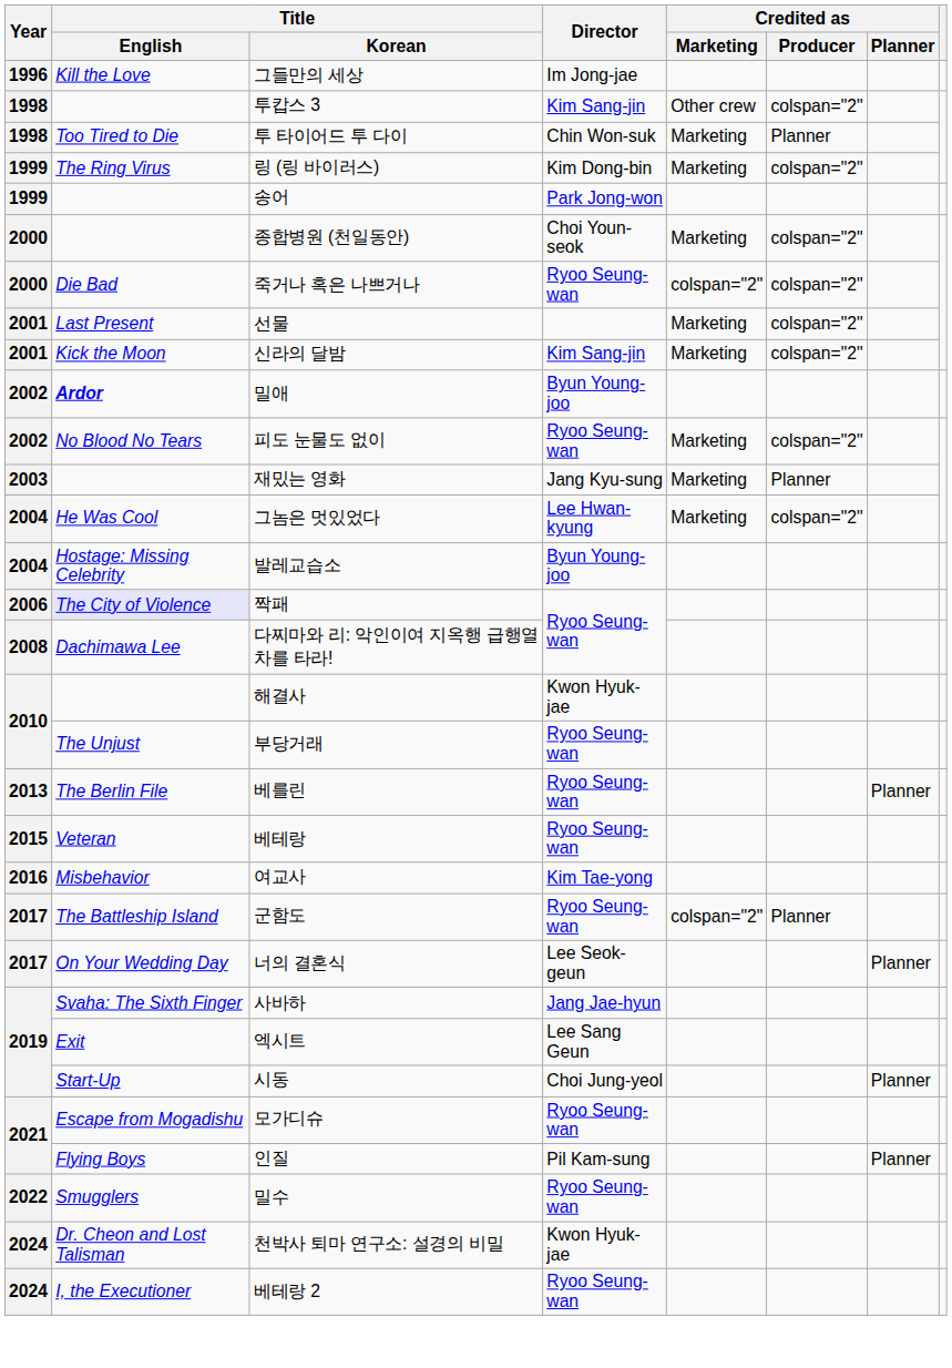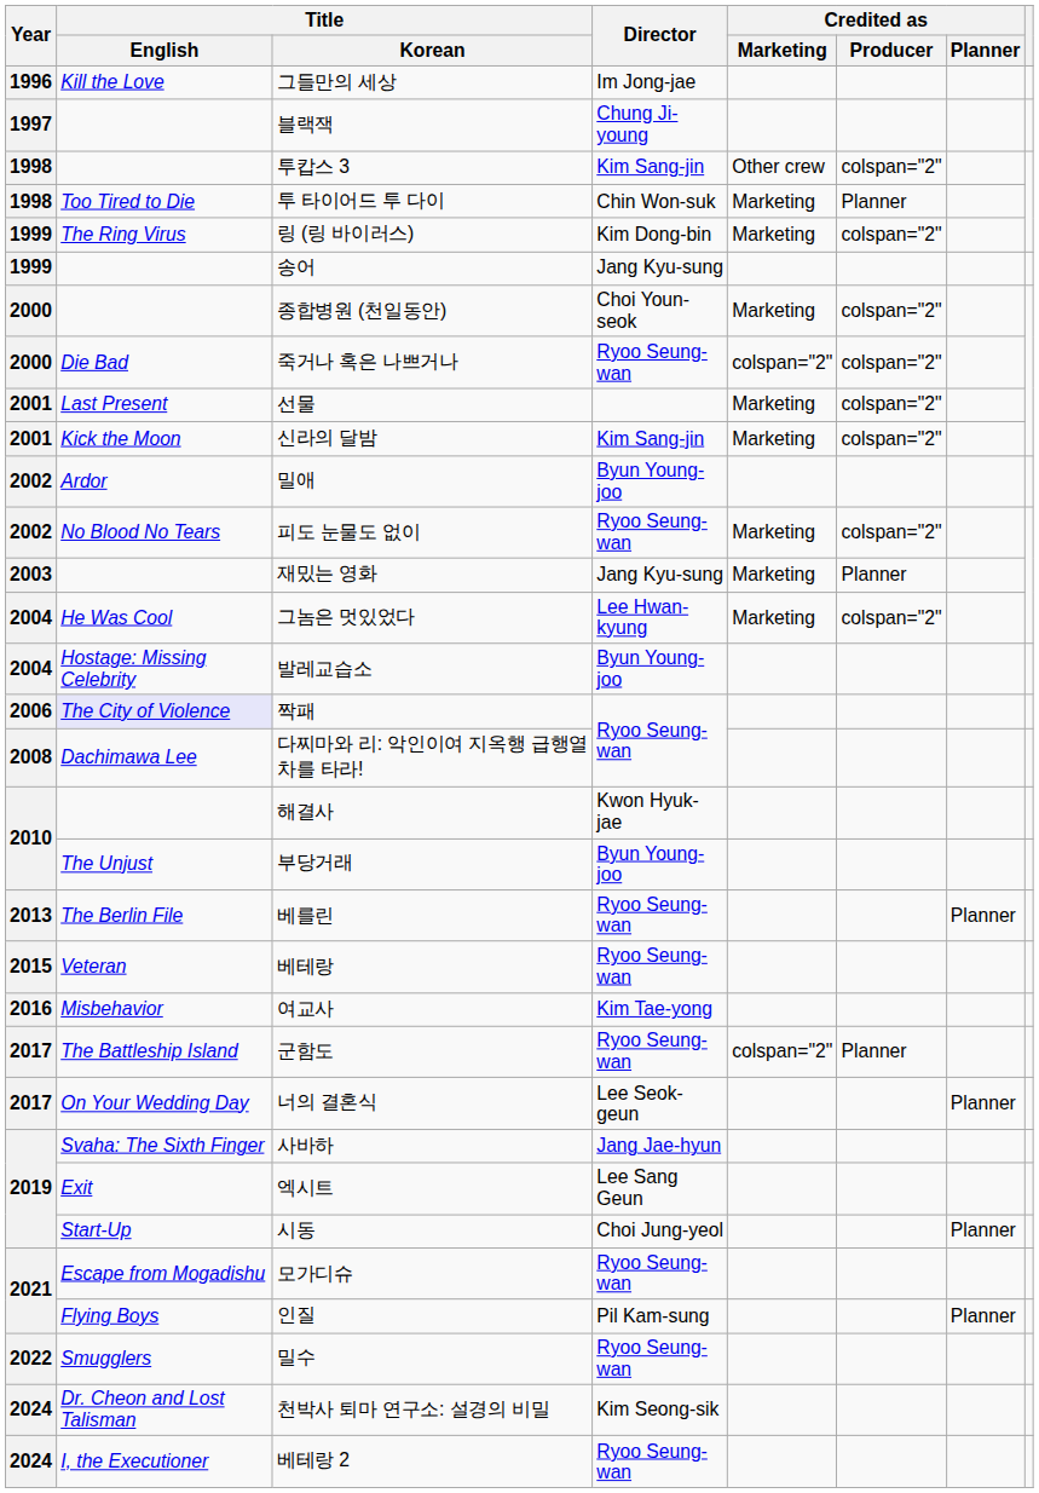 <table class="wikitable sortable plainrowheaders">
 <tr>
 <th rowspan="2">Year</th>
 <th colspan="2">Title</th>
 <th rowspan="2">Director</th>
 <th colspan="3">Credited as</th>
 <th rowspan="2" class="unsortable"></th>
 </tr>
 <tr>
 <th>English</th>
 <th>Korean</th>
 <th>Marketing</th>
 <th>Producer</th>
 <th>Planner</th>
 </tr>
 <tr>
 <th scope="row">1996</th>
 <td><em><a href='#'>Kill the Love</a></em></td>
 <td>그들만의 세상</td>
 <td>Im Jong-jae</td>
+<td></td>
+<td></td>
+<td></td>
+<td></td>
+</tr>
+<tr>
+<th scope="row">1997</th>
+<td><em></em></td>
+<td>블랙잭</td>
+<td><a href='#'>Chung Ji-young</a></td>
 <td></td>
 <td></td>
 <td></td>
 <td></td>
 </tr>
 <tr>
 <th scope="row">1998</th>
 <td><em></em></td>
 <td>투캅스 3</td>
 <td><a href='#'>Kim Sang-jin</a></td>
 <td>Other crew</td>
 <td>colspan="2" </td>
 <td></td>
 </tr>
 <tr>
 <th scope="row">1998</th>
 <td><em><a href='#'>Too Tired to Die</a></em></td>
 <td>투 타이어드 투 다이</td>
 <td>Chin Won-suk</td>
 <td>Marketing</td>
 <td>Planner</td>
 <td></td>
 </tr>
 <tr>
 <th scope="row">1999</th>
 <td><em><a href='#'>The Ring Virus</a></em></td>
 <td>링 (링 바이러스)</td>
 <td>Kim Dong-bin</td>
 <td>Marketing</td>
 <td>colspan="2" </td>
 <td></td>
 </tr>
 <tr>
 <th scope="row">1999</th>
 <td><em></em></td>
 <td>송어</td>
-<td><a href='#'>Park Jong-won</a></td>
+<td>Jang Kyu-sung</td>
 <td></td>
 <td></td>
 <td></td>
 <td></td>
 </tr>
 <tr>
 <th scope="row">2000</th>
 <td><em></em></td>
 <td>종합병원 (천일동안)</td>
 <td>Choi Youn-seok</td>
 <td>Marketing</td>
 <td>colspan="2" </td>
 <td></td>
 </tr>
 <tr>
 <th scope="row">2000</th>
 <td><em><a href='#'>Die Bad</a></em></td>
 <td>죽거나 혹은 나쁘거나</td>
 <td><a href='#'>Ryoo Seung-wan</a></td>
 <td>colspan="2" </td>
 <td>colspan="2" </td>
 <td></td>
 </tr>
 <tr>
 <th scope="row">2001</th>
 <td><em><a href='#'>Last Present</a></em></td>
 <td>선물</td>
 <td></td>
 <td>Marketing</td>
 <td>colspan="2" </td>
 <td></td>
 </tr>
 <tr>
 <th scope="row">2001</th>
 <td><em><a href='#'>Kick the Moon</a></em></td>
 <td>신라의 달밤</td>
 <td><a href='#'>Kim Sang-jin</a></td>
 <td>Marketing</td>
 <td>colspan="2" </td>
 <td></td>
 </tr>
 <tr>
 <th scope="row">2002</th>
-<td><strong><em><a href='#'>Ardor</a></em></strong></td>
+<td><em><a href='#'>Ardor</a></em></td>
 <td>밀애</td>
 <td><a href='#'>Byun Young-joo</a></td>
 <td></td>
 <td></td>
 <td></td>
 <td></td>
 </tr>
 <tr>
 <th scope="row">2002</th>
 <td><em><a href='#'>No Blood No Tears</a></em></td>
 <td>피도 눈물도 없이</td>
 <td><a href='#'>Ryoo Seung-wan</a></td>
 <td>Marketing</td>
 <td>colspan="2" </td>
 <td></td>
 </tr>
 <tr>
 <th scope="row">2003</th>
 <td><em></em></td>
 <td>재밌는 영화</td>
 <td>Jang Kyu-sung</td>
 <td>Marketing</td>
 <td>Planner</td>
 <td></td>
 </tr>
 <tr>
 <th scope="row">2004</th>
 <td><em><a href='#'>He Was Cool</a></em></td>
 <td>그놈은 멋있었다</td>
 <td><a href='#'>Lee Hwan-kyung</a></td>
 <td>Marketing</td>
 <td>colspan="2" </td>
 <td></td>
 </tr>
 <tr>
 <th scope="row">2004</th>
 <td><em><a href='#'>Hostage: Missing Celebrity</a></em></td>
 <td>발레교습소</td>
 <td><a href='#'>Byun Young-joo</a></td>
 <td></td>
 <td></td>
 <td></td>
 <td></td>
 </tr>
 <tr>
 <th scope="row">2006</th>
 <td style="background: lavender;"><em><a href='#'>The City of Violence</a></em></td>
 <td>짝패</td>
 <td rowspan="2"><a href='#'>Ryoo Seung-wan</a></td>
 <td></td>
 <td></td>
 <td></td>
 <td></td>
 </tr>
 <tr>
 <th scope="row">2008</th>
 <td><em><a href='#'>Dachimawa Lee</a></em></td>
 <td>다찌마와 리: 악인이여 지옥행 급행열차를 타라!</td>
 <td></td>
 <td></td>
 <td></td>
 <td></td>
 </tr>
 <tr>
 <th rowspan="2" scope="row">2010</th>
 <td><em></em></td>
 <td>해결사</td>
 <td>Kwon Hyuk-jae</td>
 <td></td>
 <td></td>
 <td></td>
 <td></td>
 </tr>
 <tr>
 <td><em><a href='#'>The Unjust</a></em></td>
 <td>부당거래</td>
-<td><a href='#'>Ryoo Seung-wan</a></td>
+<td><a href='#'>Byun Young-joo</a></td>
 <td></td>
 <td></td>
 <td></td>
 <td></td>
 </tr>
 <tr>
 <th scope="row">2013</th>
 <td><em><a href='#'>The Berlin File</a></em></td>
 <td>베를린</td>
 <td><a href='#'>Ryoo Seung-wan</a></td>
 <td></td>
 <td></td>
 <td>Planner</td>
 <td></td>
 </tr>
 <tr>
 <th scope="row">2015</th>
 <td><em><a href='#'>Veteran</a></em></td>
 <td>베테랑</td>
 <td><a href='#'>Ryoo Seung-wan</a></td>
 <td></td>
 <td></td>
 <td></td>
 <td></td>
 </tr>
 <tr>
 <th scope="row">2016</th>
 <td><em><a href='#'>Misbehavior</a></em></td>
 <td>여교사</td>
 <td><a href='#'>Kim Tae-yong</a></td>
 <td></td>
 <td></td>
 <td></td>
 <td></td>
 </tr>
 <tr>
 <th scope="row">2017</th>
 <td><em><a href='#'>The Battleship Island</a></em></td>
 <td>군함도</td>
 <td><a href='#'>Ryoo Seung-wan</a></td>
 <td>colspan="2" </td>
 <td>Planner</td>
 <td></td>
 </tr>
 <tr>
 <th scope="row">2017</th>
 <td><em><a href='#'>On Your Wedding Day</a></em></td>
 <td>너의 결혼식</td>
 <td>Lee Seok-geun</td>
 <td></td>
 <td></td>
 <td>Planner</td>
 <td></td>
 </tr>
 <tr>
 <th rowspan="3" scope="row">2019</th>
 <td><em><a href='#'>Svaha: The Sixth Finger</a></em></td>
 <td>사바하</td>
 <td><a href='#'>Jang Jae-hyun</a></td>
 <td></td>
 <td></td>
 <td></td>
 <td></td>
 </tr>
 <tr>
 <td><em><a href='#'>Exit</a></em></td>
 <td>엑시트</td>
 <td>Lee Sang Geun</td>
 <td></td>
 <td></td>
 <td></td>
 <td></td>
 </tr>
 <tr>
 <td><em><a href='#'>Start-Up</a></em></td>
 <td>시동</td>
 <td>Choi Jung-yeol</td>
 <td></td>
 <td></td>
 <td>Planner</td>
 <td></td>
 </tr>
 <tr>
 <th rowspan="2" scope="row">2021</th>
 <td><em><a href='#'>Escape from Mogadishu</a></em></td>
 <td>모가디슈</td>
 <td><a href='#'>Ryoo Seung-wan</a></td>
 <td></td>
 <td></td>
 <td></td>
 <td></td>
 </tr>
 <tr>
 <td><em><a href='#'>Flying Boys</a></em></td>
 <td>인질</td>
 <td>Pil Kam-sung</td>
 <td></td>
 <td></td>
 <td>Planner</td>
 <td></td>
 </tr>
 <tr>
 <th scope="row">2022</th>
 <td><em><a href='#'>Smugglers</a></em></td>
 <td>밀수</td>
 <td><a href='#'>Ryoo Seung-wan</a></td>
 <td></td>
 <td></td>
 <td></td>
 <td></td>
 </tr>
 <tr>
 <th scope="row">2024</th>
 <td><em><a href='#'>Dr. Cheon and Lost Talisman</a></em></td>
 <td>천박사 퇴마 연구소: 설경의 비밀</td>
-<td>Kwon Hyuk-jae</td>
+<td>Kim Seong-sik</td>
 <td></td>
 <td></td>
 <td></td>
 <td></td>
 </tr>
 <tr>
 <th scope="row">2024</th>
 <td><em><a href='#'>I, the Executioner</a></em></td>
 <td>베테랑 2</td>
 <td><a href='#'>Ryoo Seung-wan</a></td>
 <td></td>
 <td></td>
 <td></td>
 <td></td>
 </tr>
 </table>
